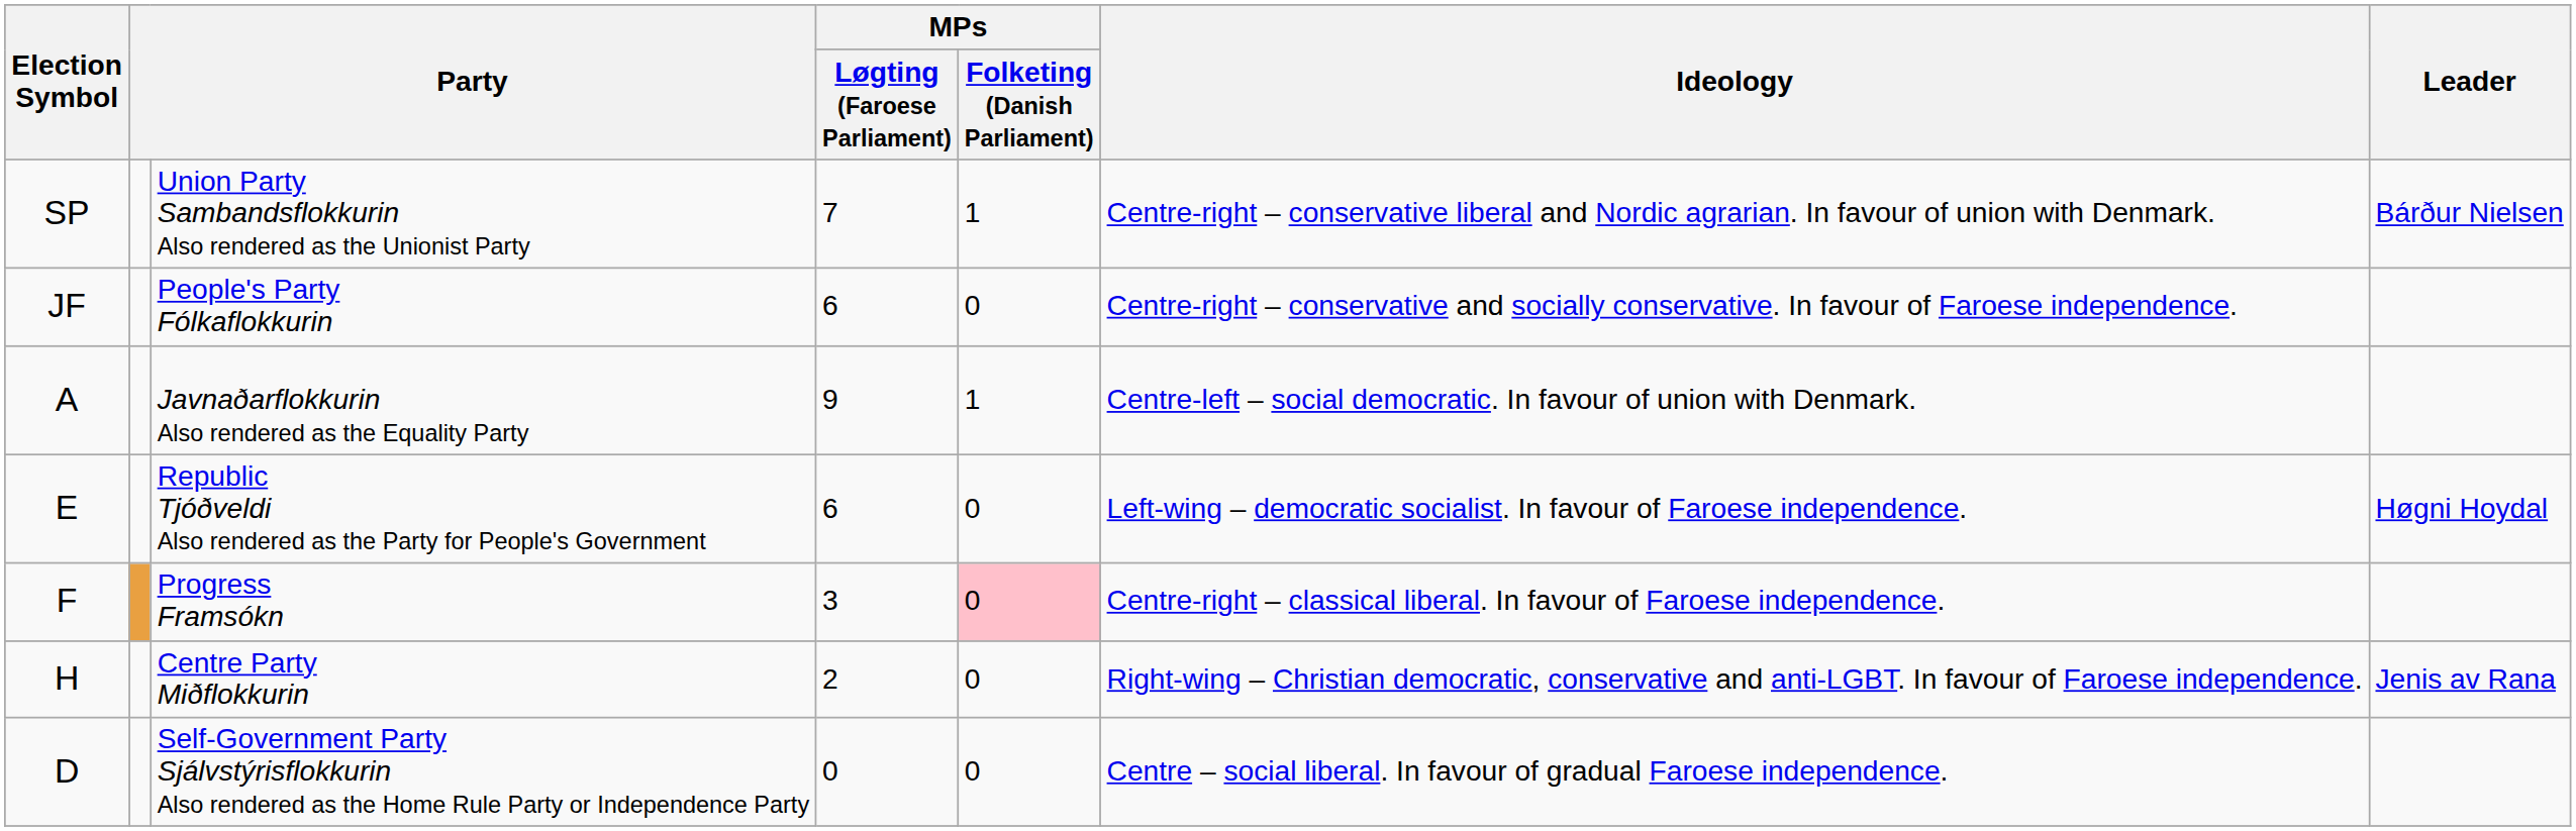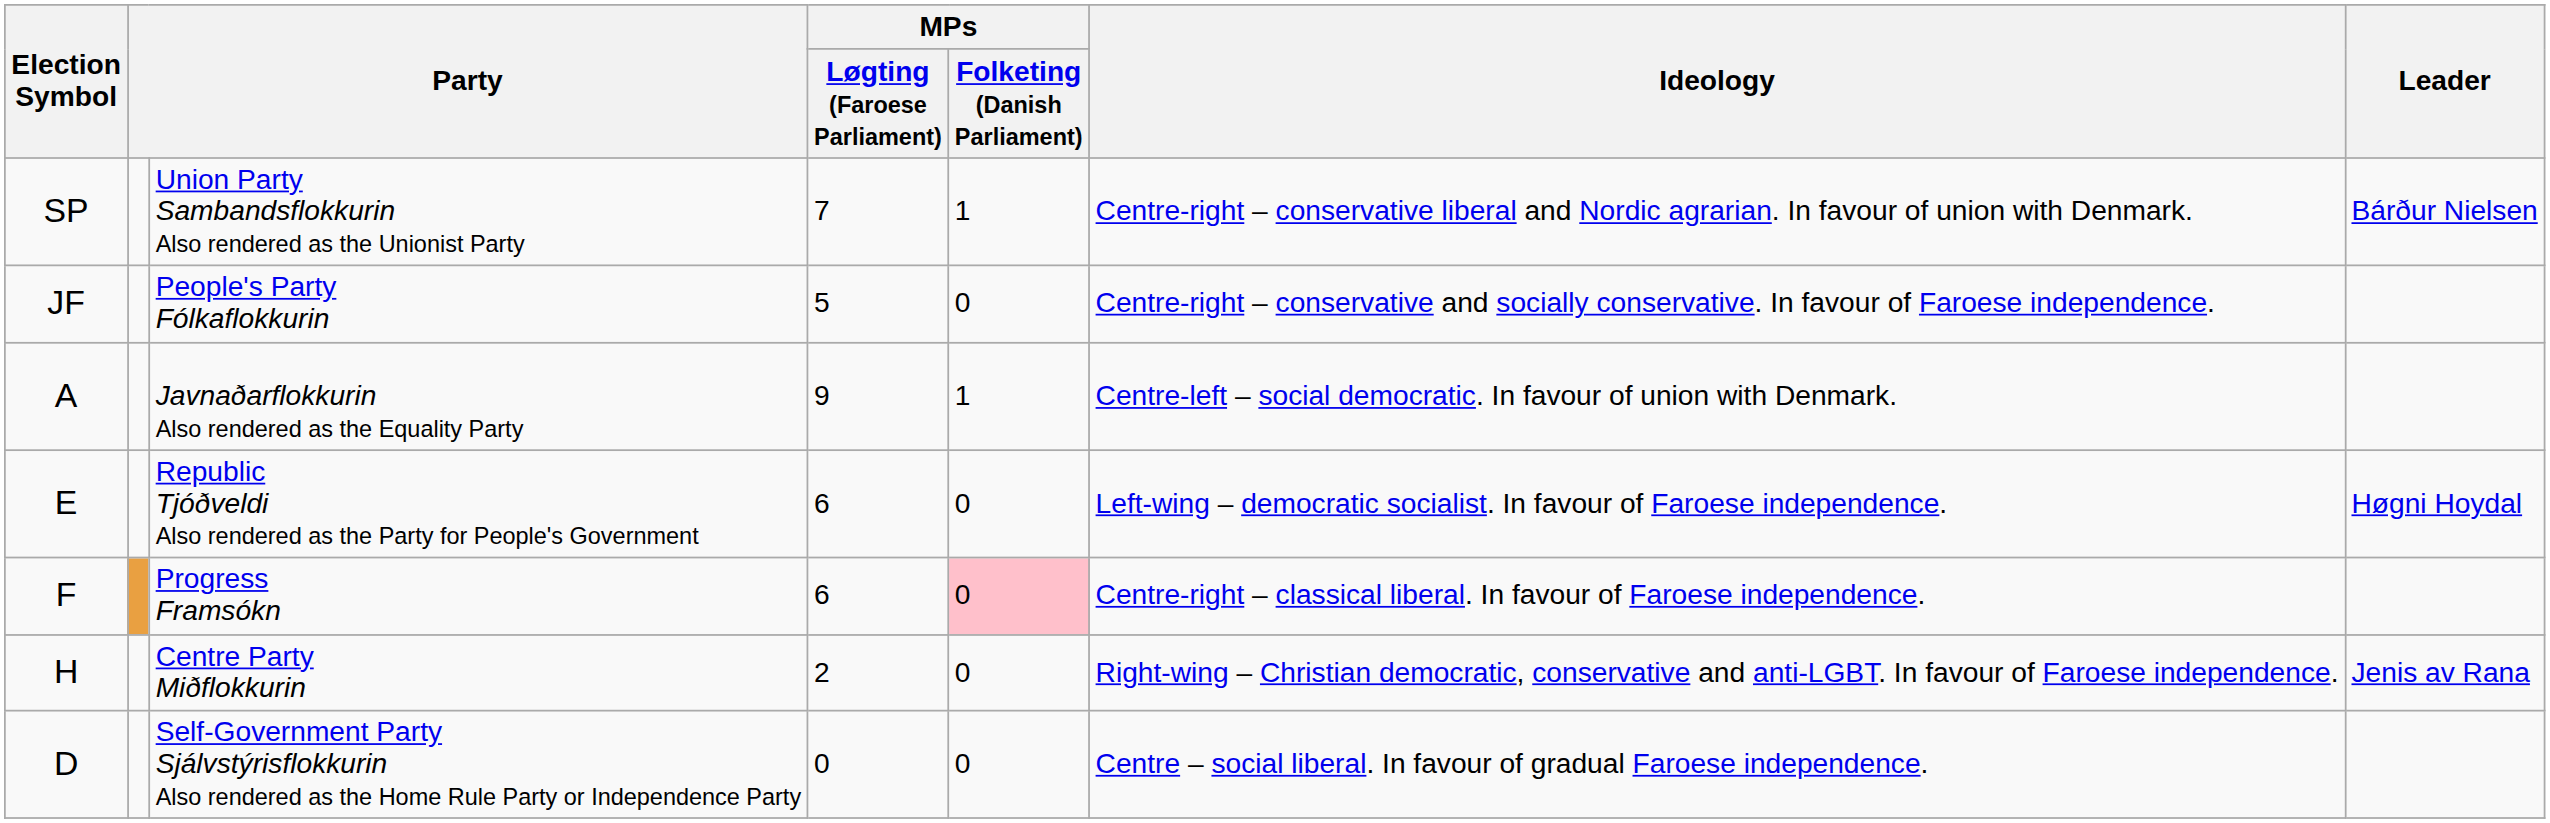 <table class ="wikitable">
 <tr>
 <th rowspan=2 class=unsortable>Election<br>Symbol</th>
 <th rowspan=2 colspan=2>Party</th>
 <th colspan=2>MPs</th>
 <th rowspan=2>Ideology</th>
 <th rowspan=2>Leader</th>
 </tr>
 <tr>
 <th><a href='#'>Løgting</a> <br> <small>(Faroese <br> Parliament)</small></th>
 <th><a href='#'>Folketing</a> <br> <small>(Danish <br> Parliament)</small></th>
 </tr>
 <tr>
 <td style="text-align:center;"><big>SP</big></td>
 <td width=5px style="background-color: "></td>
 <td><a href='#'>Union Party</a> <br> <em>Sambandsflokkurin</em> <br> <small> Also rendered as the Unionist Party</small></td>
 <td>7</td>
 <td>1</td>
 <td><a href='#'>Centre-right</a> – <a href='#'>conservative liberal</a> and <a href='#'>Nordic agrarian</a>. In favour of union with Denmark.</td>
 <td><a href='#'>Bárður Nielsen</a></td>
 </tr>
 <tr>
 <td style="text-align:center;"><big>JF</big></td>
 <td style="background-color: "></td>
 <td><a href='#'>People's Party</a> <br> <em>Fólkaflokkurin</em></td>
-<td>6</td>
+<td>5</td>
 <td>0</td>
 <td><a href='#'>Centre-right</a> – <a href='#'>conservative</a> and <a href='#'>socially conservative</a>. In favour of <a href='#'>Faroese independence</a>.</td>
 <td></td>
 </tr>
 <tr>
 <td style="text-align:center;"><big>A</big></td>
 <td style="background-color: "></td>
 <td> <br> <em>Javnaðarflokkurin</em> <br> <small> Also rendered as the Equality Party</small></td>
 <td>9</td>
 <td>1</td>
 <td><a href='#'>Centre-left</a> – <a href='#'>social democratic</a>.  In favour of union with Denmark.</td>
 <td></td>
 </tr>
 <tr>
 <td style="text-align:center;"><big>E</big></td>
 <td width=5px style="background-color: "></td>
 <td><a href='#'>Republic</a> <br> <em>Tjóðveldi</em> <br> <small> Also rendered as the Party for People's Government</small></td>
 <td>6</td>
 <td>0</td>
 <td><a href='#'>Left-wing</a> – <a href='#'>democratic socialist</a>.  In favour of <a href='#'>Faroese independence</a>.</td>
 <td><a href='#'>Høgni Hoydal</a></td>
 </tr>
 <tr>
 <td style="text-align:center;"><big>F</big></td>
 <td style="background:#E9A041;"></td>
 <td><a href='#'>Progress</a> <br> <em>Framsókn</em></td>
-<td>3</td>
+<td>6</td>
 <td style="background: pink;">0</td>
 <td><a href='#'>Centre-right</a> – <a href='#'>classical liberal</a>.  In favour of <a href='#'>Faroese independence</a>.</td>
 <td></td>
 </tr>
 <tr>
 <td style="text-align:center;"><big>H</big></td>
 <td style="background-color: "></td>
 <td><a href='#'>Centre Party</a> <br> <em>Miðflokkurin</em></td>
 <td>2</td>
 <td>0</td>
 <td><a href='#'>Right-wing</a> – <a href='#'>Christian democratic</a>, <a href='#'>conservative</a> and <a href='#'>anti-LGBT</a>. In favour of <a href='#'>Faroese independence</a>.</td>
 <td><a href='#'>Jenis av Rana</a></td>
 </tr>
 <tr>
 <td style="text-align:center;"><big>D</big></td>
 <td style="background-color: "></td>
 <td><a href='#'>Self-Government Party</a> <br> <em>Sjálvstýrisflokkurin</em> <br> <small> Also rendered as the Home Rule Party or Independence Party</small></td>
 <td>0</td>
 <td>0</td>
 <td><a href='#'>Centre</a> – <a href='#'>social liberal</a>. In favour of gradual <a href='#'>Faroese independence</a>.</td>
 <td></td>
 </tr>
 </table>
